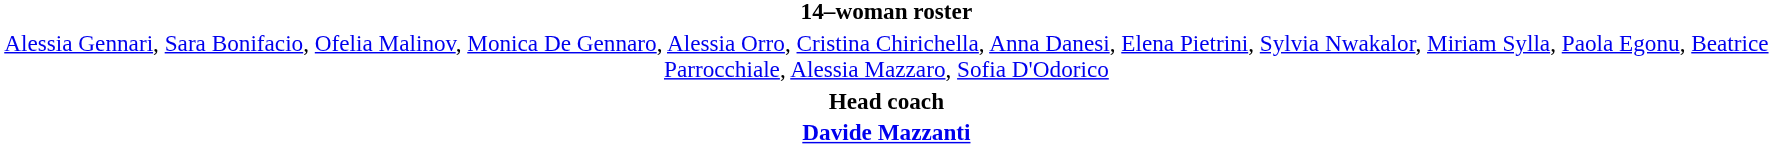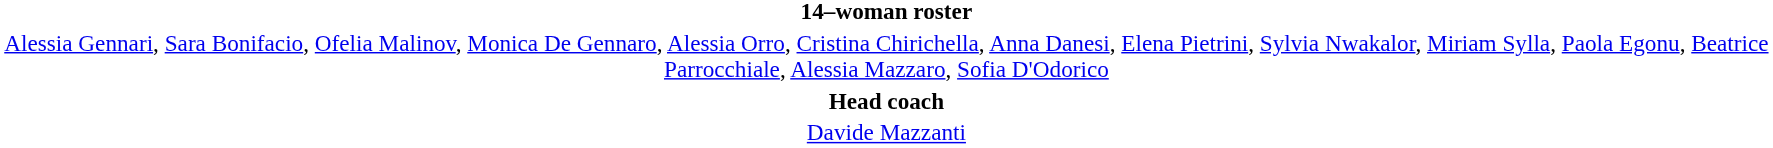 <table style="text-align:center;margin-top:2em;margin-left:auto;margin-right:auto">
 <tr>
 <td><strong>14–woman roster</strong></td>
 </tr>
 <tr>
 <td><a href='#'>Alessia Gennari</a>, <a href='#'>Sara Bonifacio</a>, <a href='#'>Ofelia Malinov</a>, <a href='#'>Monica De Gennaro</a>, <a href='#'>Alessia Orro</a>, <a href='#'>Cristina Chirichella</a>, <a href='#'>Anna Danesi</a>, <a href='#'>Elena Pietrini</a>, <a href='#'>Sylvia Nwakalor</a>, <a href='#'>Miriam Sylla</a>, <a href='#'>Paola Egonu</a>, <a href='#'>Beatrice Parrocchiale</a>, <a href='#'>Alessia Mazzaro</a>, <a href='#'>Sofia D'Odorico</a></td>
 </tr>
 <tr>
 <td><strong>Head coach</strong></td>
 </tr>
 <tr>
-<td><strong><a href='#'>Davide Mazzanti</a></strong></td>
+<td><a href='#'>Davide Mazzanti</a></td>
 </tr>
 </table>
